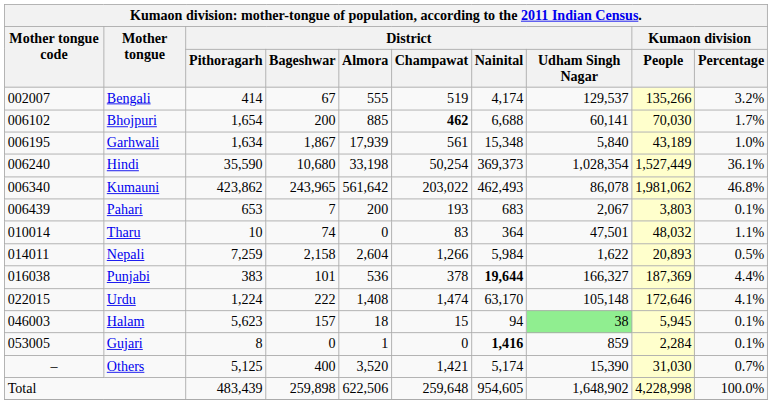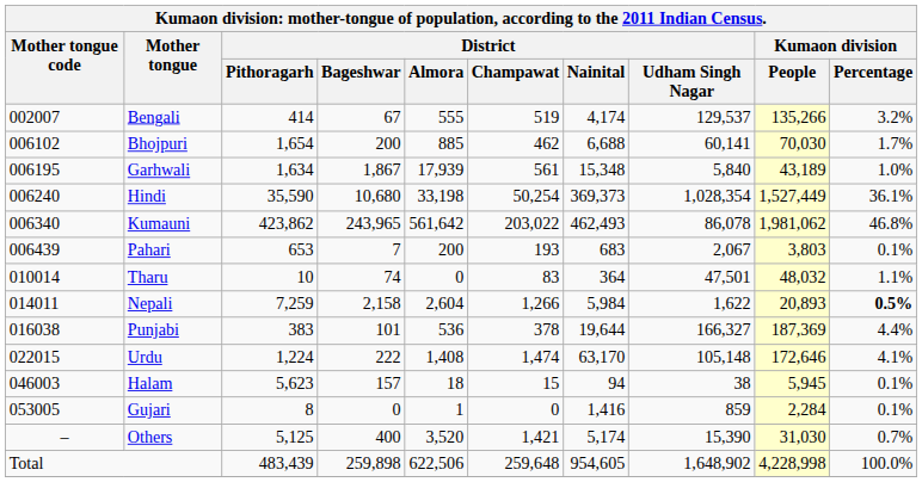 <table class="wikitable sortable mw-collapsible ">
 <tr valign=top>
 <th colspan=10>Kumaon division: mother-tongue of population, according to the <a href='#'>2011 Indian Census</a>.</th>
 </tr>
 <tr valign=top>
 <th rowspan=2>Mother tongue code</th>
 <th rowspan=2>Mother tongue</th>
 <th colspan=6>District</th>
 <th colspan=2>Kumaon division</th>
 </tr>
 <tr valign=top>
 <th>Pithoragarh</th>
 <th>Bageshwar</th>
 <th>Almora</th>
 <th>Champawat</th>
 <th>Nainital</th>
 <th>Udham Singh Nagar</th>
 <th>People</th>
 <th>Percentage</th>
 </tr>
 <tr valign=top>
 <td>002007</td>
 <td><a href='#'>Bengali</a></td>
 <td align=right>414</td>
 <td align=right>67</td>
 <td align=right>555</td>
 <td align=right>519</td>
 <td align=right>4,174</td>
 <td align=right>129,537</td>
 <td align=right style="background: #ffffcc">135,266</td>
 <td align=right>3.2%</td>
 </tr>
 <tr valign=top>
 <td>006102</td>
 <td><a href='#'>Bhojpuri</a></td>
 <td align=right>1,654</td>
 <td align=right>200</td>
 <td align=right>885</td>
-<td align=right><strong>462</strong></td>
+<td align=right>462</td>
 <td align=right>6,688</td>
 <td align=right>60,141</td>
 <td align=right style="background: #ffffcc">70,030</td>
 <td align=right>1.7%</td>
 </tr>
 <tr valign=top>
 <td>006195</td>
 <td><a href='#'>Garhwali</a></td>
 <td align=right>1,634</td>
 <td align=right>1,867</td>
 <td align=right>17,939</td>
 <td align=right>561</td>
 <td align=right>15,348</td>
 <td align=right>5,840</td>
 <td align=right style="background: #ffffcc">43,189</td>
 <td align=right>1.0%</td>
 </tr>
 <tr valign=top>
 <td>006240</td>
 <td><a href='#'>Hindi</a></td>
 <td align=right>35,590</td>
 <td align=right>10,680</td>
 <td align=right>33,198</td>
 <td align=right>50,254</td>
 <td align=right>369,373</td>
 <td align=right>1,028,354</td>
 <td align=right style="background: #ffffcc">1,527,449</td>
 <td align=right>36.1%</td>
 </tr>
 <tr valign=top>
 <td>006340</td>
 <td><a href='#'>Kumauni</a></td>
 <td align=right>423,862</td>
 <td align=right>243,965</td>
 <td align=right>561,642</td>
 <td align=right>203,022</td>
 <td align=right>462,493</td>
 <td align=right>86,078</td>
 <td align=right style="background: #ffffcc">1,981,062</td>
 <td align=right>46.8%</td>
 </tr>
 <tr valign=top>
 <td>006439</td>
 <td><a href='#'>Pahari</a></td>
 <td align=right>653</td>
 <td align=right>7</td>
 <td align=right>200</td>
 <td align=right>193</td>
 <td align=right>683</td>
 <td align=right>2,067</td>
 <td align=right style="background: #ffffcc">3,803</td>
 <td align=right>0.1%</td>
 </tr>
 <tr valign=top>
 <td>010014</td>
 <td><a href='#'>Tharu</a></td>
 <td align=right>10</td>
 <td align=right>74</td>
 <td align=right>0</td>
 <td align=right>83</td>
 <td align=right>364</td>
 <td align=right>47,501</td>
 <td align=right style="background: #ffffcc">48,032</td>
 <td align=right>1.1%</td>
 </tr>
 <tr valign=top>
 <td>014011</td>
 <td><a href='#'>Nepali</a></td>
 <td align=right>7,259</td>
 <td align=right>2,158</td>
 <td align=right>2,604</td>
 <td align=right>1,266</td>
 <td align=right>5,984</td>
 <td align=right>1,622</td>
 <td align=right style="background: #ffffcc">20,893</td>
-<td align=right>0.5%</td>
+<td align=right><strong>0.5%</strong></td>
 </tr>
 <tr valign=top>
 <td>016038</td>
 <td><a href='#'>Punjabi</a></td>
 <td align=right>383</td>
 <td align=right>101</td>
 <td align=right>536</td>
 <td align=right>378</td>
-<td align=right><strong>19,644</strong></td>
+<td align=right>19,644</td>
 <td align=right>166,327</td>
 <td align=right style="background: #ffffcc">187,369</td>
 <td align=right>4.4%</td>
 </tr>
 <tr valign=top>
 <td>022015</td>
 <td><a href='#'>Urdu</a></td>
 <td align=right>1,224</td>
 <td align=right>222</td>
 <td align=right>1,408</td>
 <td align=right>1,474</td>
 <td align=right>63,170</td>
 <td align=right>105,148</td>
 <td align=right style="background: #ffffcc">172,646</td>
 <td align=right>4.1%</td>
 </tr>
 <tr valign=top>
 <td>046003</td>
 <td><a href='#'>Halam</a></td>
 <td align=right>5,623</td>
 <td align=right>157</td>
 <td align=right>18</td>
 <td align=right>15</td>
 <td align=right>94</td>
-<td align=right style="background: lightgreen;">38</td>
+<td align=right>38</td>
 <td align=right style="background: #ffffcc">5,945</td>
 <td align=right>0.1%</td>
 </tr>
 <tr valign=top>
 <td>053005</td>
 <td><a href='#'>Gujari</a></td>
 <td align=right>8</td>
 <td align=right>0</td>
 <td align=right>1</td>
 <td align=right>0</td>
-<td align=right><strong>1,416</strong></td>
+<td align=right>1,416</td>
 <td align=right>859</td>
 <td align=right style="background: #ffffcc">2,284</td>
 <td align=right>0.1%</td>
 </tr>
 <tr valign=top>
 <td align=center>–</td>
 <td><a href='#'>Others</a></td>
 <td align=right>5,125</td>
 <td align=right>400</td>
 <td align=right>3,520</td>
 <td align=right>1,421</td>
 <td align=right>5,174</td>
 <td align=right>15,390</td>
 <td align=right style="background: #ffffcc">31,030</td>
 <td align=right>0.7%</td>
 </tr>
 <tr valign=top class=sortbottom>
 <td colspan=2>Total</td>
 <td align=right>483,439</td>
 <td align=right>259,898</td>
 <td align=right>622,506</td>
 <td align=right>259,648</td>
 <td align=right>954,605</td>
 <td align=right>1,648,902</td>
 <td align=right style="background: #ffffcc">4,228,998</td>
 <td align=right>100.0%</td>
 </tr>
 <tr>
 </tr>
 </table>
